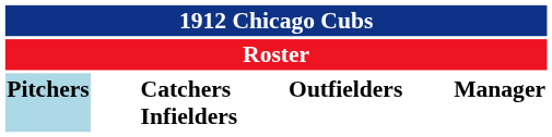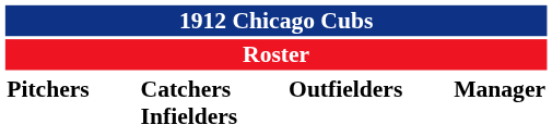 <table class="toccolours" style="font-size: 95%;">
 <tr>
 <th colspan="10" style="background-color: #0e3386; color: white; text-align: center;">1912 Chicago Cubs</th>
 </tr>
 <tr>
 <td colspan="10" style="background-color: #EE1422; color: white; text-align: center;"><strong>Roster</strong></td>
 </tr>
 <tr>
-<td valign="top" style="background: lightblue;"><strong>Pitchers</strong><br>                 </td>
+<td valign="top"><strong>Pitchers</strong><br>                 </td>
 <td width="25px"></td>
 <td valign="top"><strong>Catchers</strong><br>      <strong>Infielders</strong>         </td>
 <td width="25px"></td>
 <td valign="top"><strong>Outfielders</strong><br>      </td>
 <td width="25px"></td>
 <td valign="top"><strong>Manager</strong><br></td>
 </tr>
 </table>
